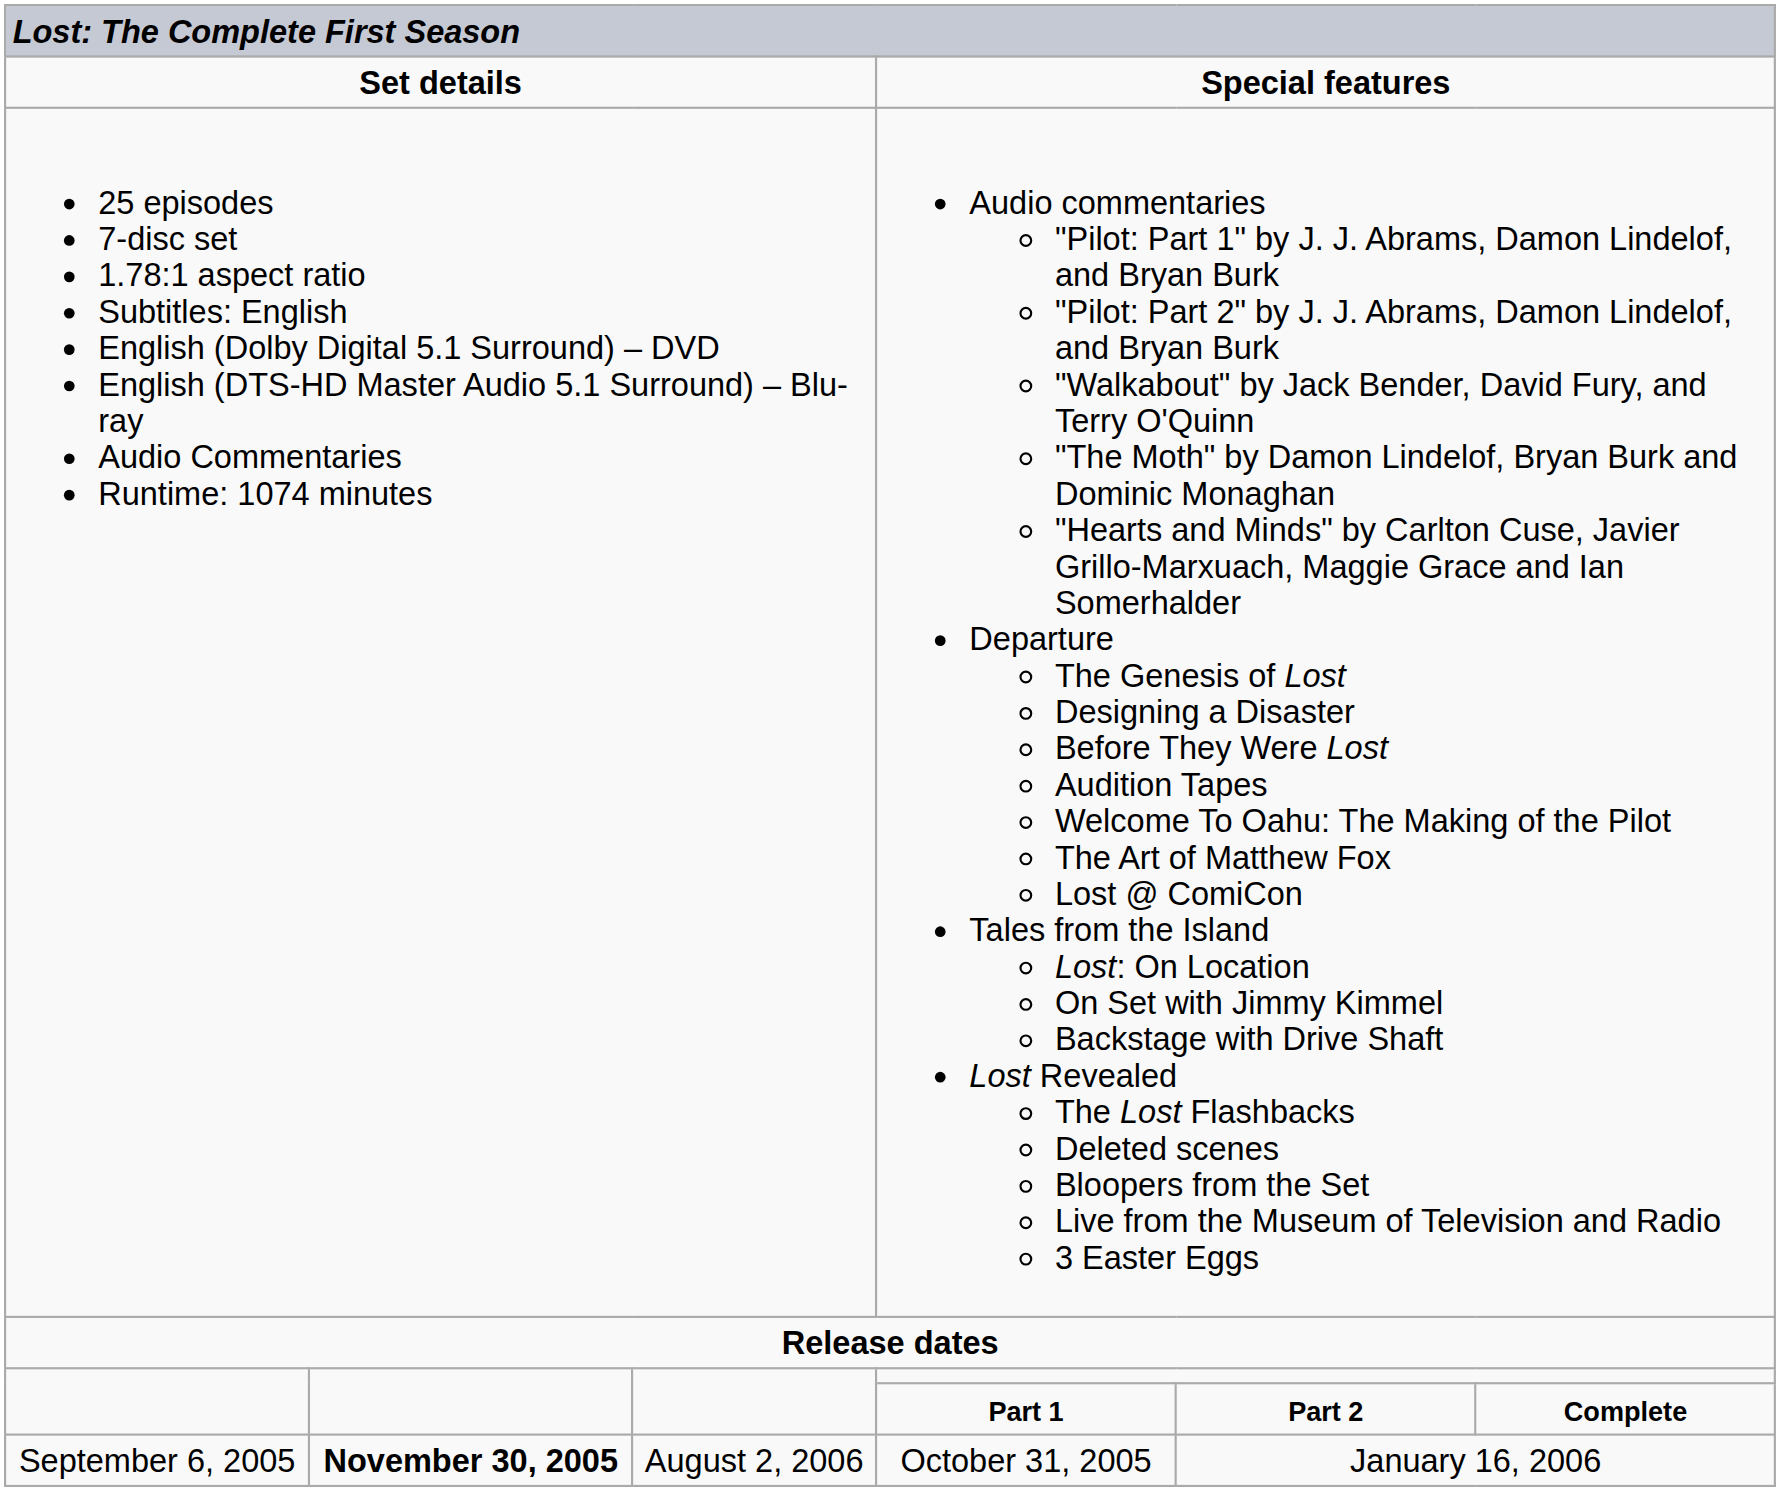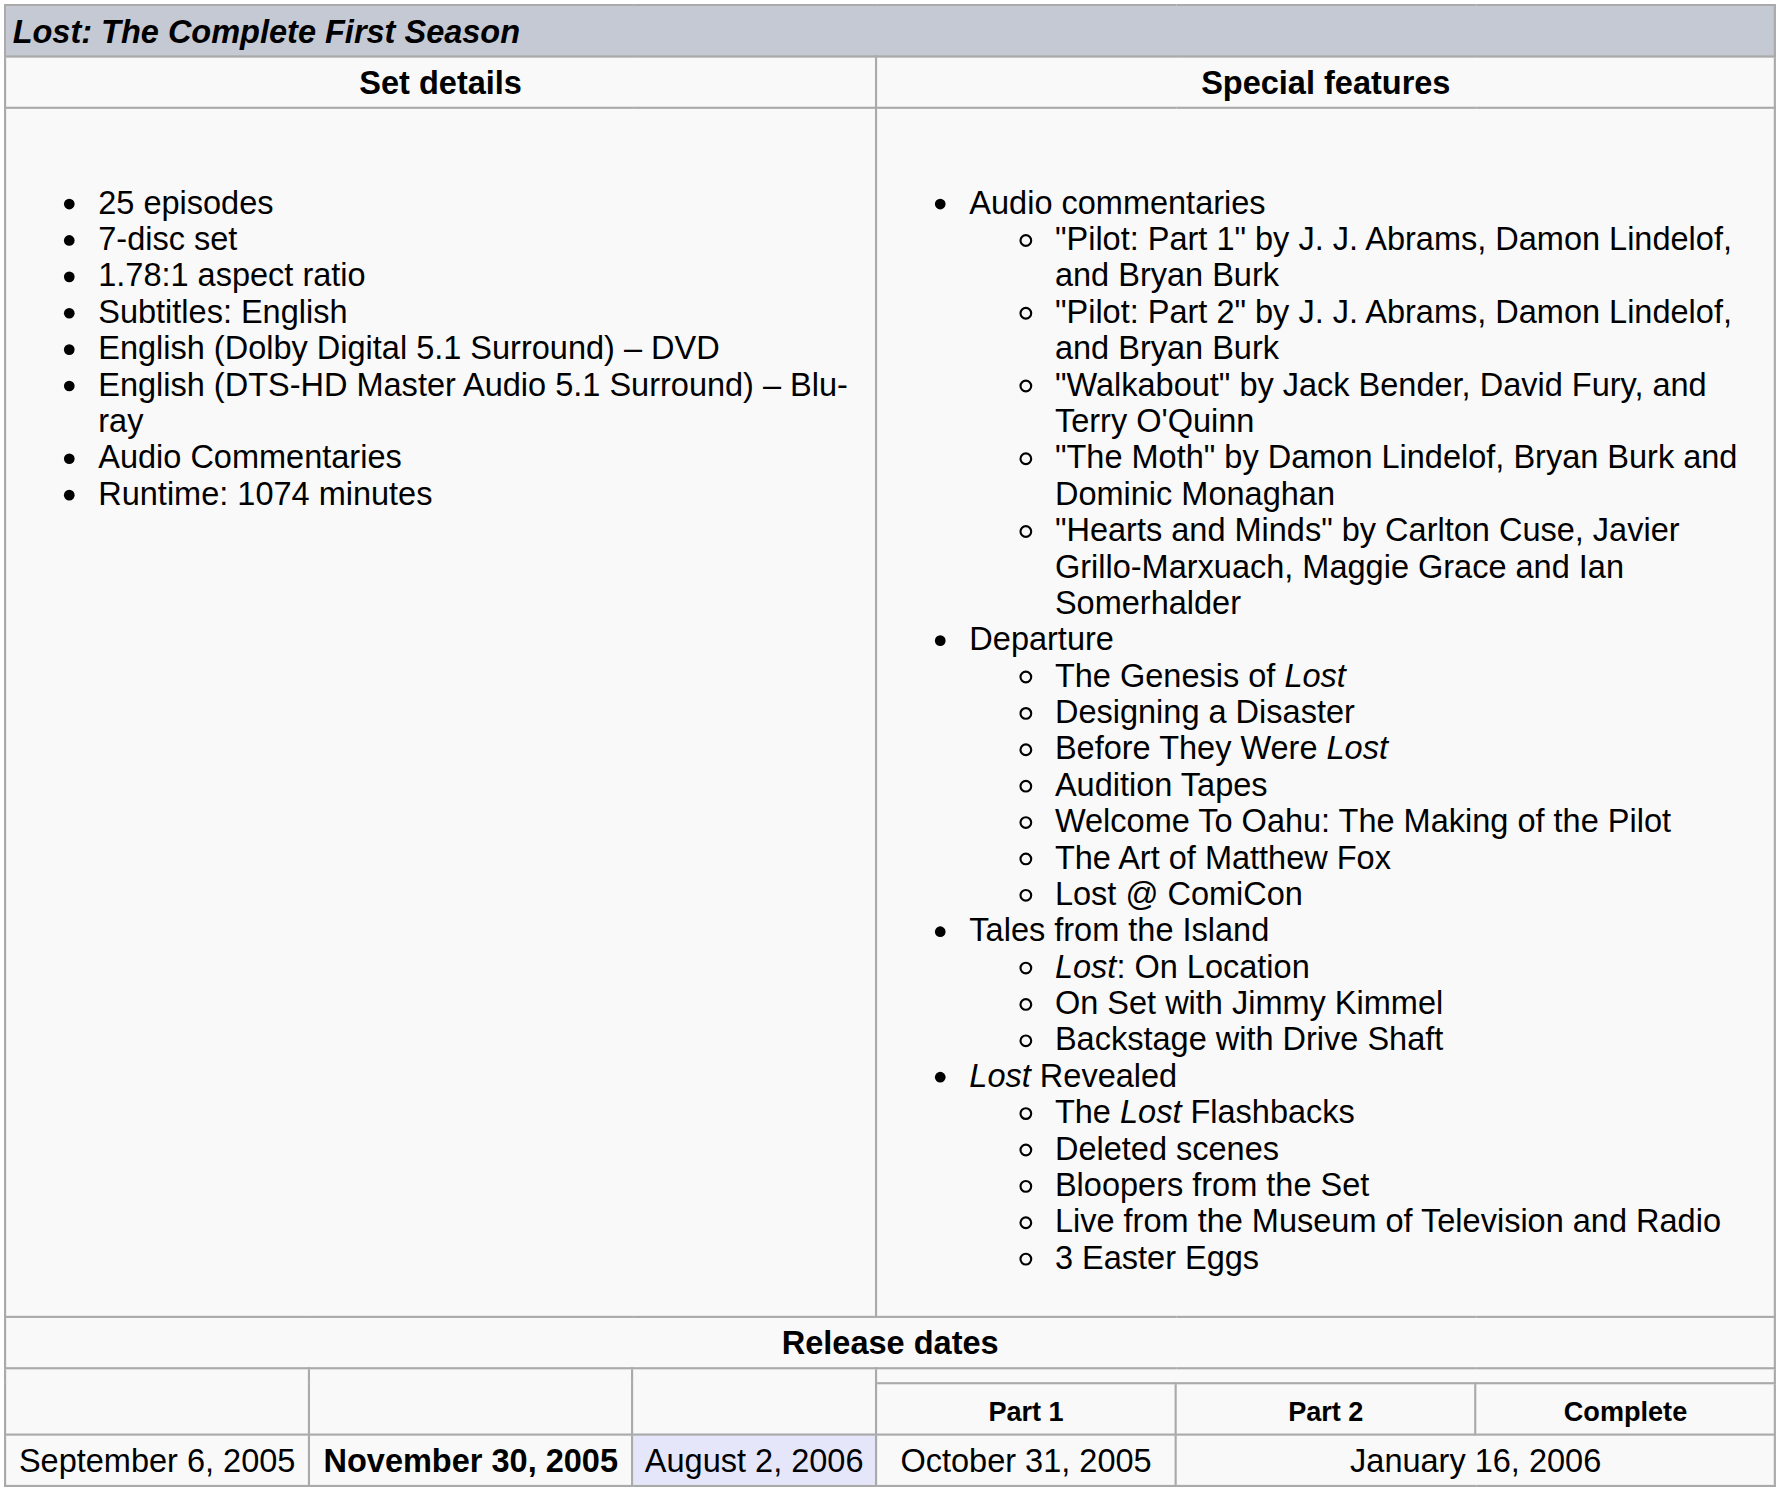 <table class="wikitable" style="font-size: 95%;">
 <tr style="background:#C5C9D4">
 <td colspan="7"><strong><em>Lost: The Complete First Season</em></strong></td>
 </tr>
 <tr valign="top">
 <td align="center" width="400" colspan="3"><strong>Set details</strong></td>
 <td width="400" align="center" colspan="3"><strong>Special features</strong></td>
 </tr>
 <tr valign="top">
 <td colspan="3" align="left" width="400"><br><ul><li>25 episodes</li><li>7-disc set</li><li>1.78:1 aspect ratio</li><li>Subtitles: English</li><li>English (Dolby Digital 5.1 Surround) – DVD</li><li>English (DTS-HD Master Audio 5.1 Surround) – Blu-ray</li><li>Audio Commentaries</li><li>Runtime: 1074 minutes</li></ul></td>
 <td colspan="3" align="left" width="400"><br><ul><li>Audio commentaries<ul><li>"Pilot: Part 1" by J. J. Abrams, Damon Lindelof, and Bryan Burk</li><li>"Pilot: Part 2" by J. J. Abrams, Damon Lindelof, and Bryan Burk</li><li>"Walkabout" by Jack Bender, David Fury, and Terry O'Quinn</li><li>"The Moth" by Damon Lindelof, Bryan Burk and Dominic Monaghan</li><li>"Hearts and Minds" by Carlton Cuse, Javier Grillo-Marxuach, Maggie Grace and Ian Somerhalder</li></ul></li><li>Departure<ul><li>The Genesis of <em>Lost</em></li><li>Designing a Disaster</li><li>Before They Were <em>Lost</em></li><li>Audition Tapes</li><li>Welcome To Oahu: The Making of the Pilot</li><li>The Art of Matthew Fox</li><li>Lost @ ComiCon</li></ul></li><li>Tales from the Island<ul><li><em>Lost</em>: On Location</li><li>On Set with Jimmy Kimmel</li><li>Backstage with Drive Shaft</li></ul></li><li><em>Lost</em> Revealed<ul><li>The <em>Lost</em> Flashbacks</li><li>Deleted scenes</li><li>Bloopers from the Set</li><li>Live from the Museum of Television and Radio</li><li>3 Easter Eggs</li></ul></li></ul></td>
 </tr>
 <tr>
 <td colspan="6" align="center"><strong>Release dates</strong></td>
 </tr>
 <tr>
 <td align="center" rowspan="2"><br></td>
 <td align="center" rowspan="2"><br></td>
 <td align="center" rowspan="2"></td>
 <td width="399" align="center" colspan="3"></td>
 </tr>
 <tr style="height:5px">
 <td align="center" width="133"><small><strong>Part 1</strong></small></td>
 <td align="center" width="133"><small><strong>Part 2</strong></small></td>
 <td align="center" width="133"><small><strong>Complete</strong></small></td>
 </tr>
 <tr>
 <td align="center">September 6, 2005</td>
 <td align="center"><strong>November 30, 2005</strong></td>
-<td align="center">August 2, 2006</td>
+<td align="center" style="background: lavender;">August 2, 2006</td>
 <td align="center">October 31, 2005</td>
 <td align="center" colspan="2">January 16, 2006</td>
 </tr>
 </table>
